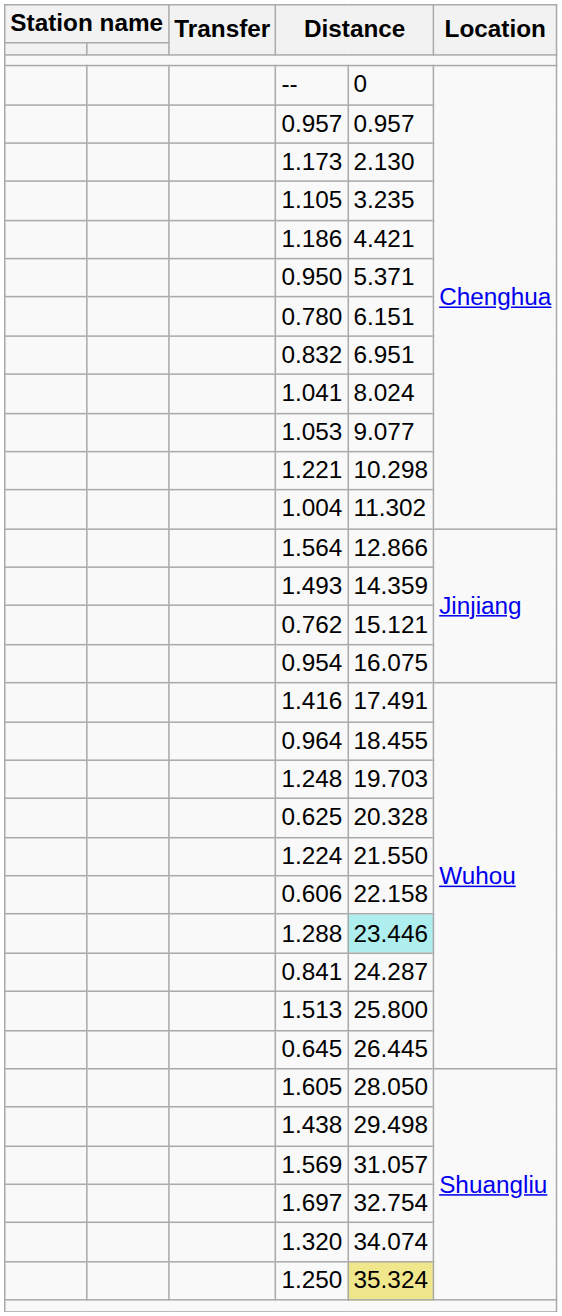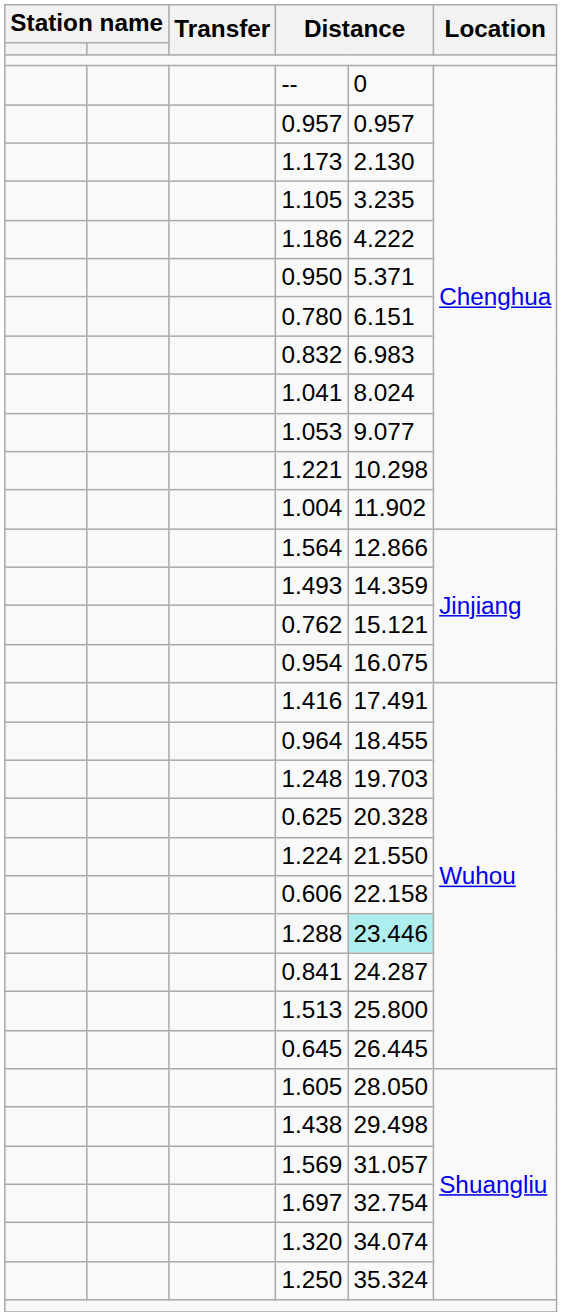 <table class="wikitable">
 <tr>
 <th colspan=2>Station name</th>
 <th rowspan=2>Transfer</th>
 <th colspan="2" rowspan="2">Distance<br></th>
 <th rowspan=2>Location</th>
 </tr>
 <tr>
 <th></th>
 <th></th>
 </tr>
 <tr style="background:#">
 <td colspan = "6"></td>
 </tr>
 <tr>
 <td></td>
 <td></td>
 <td></td>
 <td>--</td>
 <td>0</td>
 <td rowspan="12"><a href='#'>Chenghua</a></td>
 </tr>
 <tr>
 <td></td>
 <td></td>
 <td></td>
 <td>0.957</td>
 <td>0.957</td>
 </tr>
 <tr>
 <td></td>
 <td></td>
 <td></td>
 <td>1.173</td>
 <td>2.130</td>
 </tr>
 <tr>
 <td></td>
 <td></td>
 <td></td>
 <td>1.105</td>
 <td>3.235</td>
 </tr>
 <tr>
 <td></td>
 <td></td>
 <td></td>
 <td>1.186</td>
-<td>4.421</td>
+<td>4.222</td>
 </tr>
 <tr>
 <td></td>
 <td></td>
 <td></td>
 <td>0.950</td>
 <td>5.371</td>
 </tr>
 <tr>
 <td></td>
 <td></td>
 <td></td>
 <td>0.780</td>
 <td>6.151</td>
 </tr>
 <tr>
 <td></td>
 <td></td>
 <td></td>
 <td>0.832</td>
-<td>6.951</td>
+<td>6.983</td>
 </tr>
 <tr>
 <td></td>
 <td></td>
 <td></td>
 <td>1.041</td>
 <td>8.024</td>
 </tr>
 <tr>
 <td></td>
 <td></td>
 <td></td>
 <td>1.053</td>
 <td>9.077</td>
 </tr>
 <tr>
 <td></td>
 <td></td>
 <td></td>
 <td>1.221</td>
 <td>10.298</td>
 </tr>
 <tr>
 <td></td>
 <td></td>
 <td></td>
 <td>1.004</td>
-<td>11.302</td>
+<td>11.902</td>
 </tr>
 <tr>
 <td></td>
 <td></td>
 <td></td>
 <td>1.564</td>
 <td>12.866</td>
 <td rowspan="4"><a href='#'>Jinjiang</a></td>
 </tr>
 <tr>
 <td></td>
 <td></td>
 <td></td>
 <td>1.493</td>
 <td>14.359</td>
 </tr>
 <tr>
 <td></td>
 <td></td>
 <td></td>
 <td>0.762</td>
 <td>15.121</td>
 </tr>
 <tr>
 <td></td>
 <td></td>
 <td></td>
 <td>0.954</td>
 <td>16.075</td>
 </tr>
 <tr>
 <td></td>
 <td></td>
 <td></td>
 <td>1.416</td>
 <td>17.491</td>
 <td rowspan="10"><a href='#'>Wuhou</a></td>
 </tr>
 <tr>
 <td></td>
 <td></td>
 <td></td>
 <td>0.964</td>
 <td>18.455</td>
 </tr>
 <tr>
 <td></td>
 <td></td>
 <td></td>
 <td>1.248</td>
 <td>19.703</td>
 </tr>
 <tr>
 <td></td>
 <td></td>
 <td></td>
 <td>0.625</td>
 <td>20.328</td>
 </tr>
 <tr>
 <td></td>
 <td></td>
 <td></td>
 <td>1.224</td>
 <td>21.550</td>
 </tr>
 <tr>
 <td></td>
 <td></td>
 <td></td>
 <td>0.606</td>
 <td>22.158</td>
 </tr>
 <tr>
 <td></td>
 <td></td>
 <td></td>
 <td>1.288</td>
 <td style="background: paleturquoise;">23.446</td>
 </tr>
 <tr>
 <td></td>
 <td></td>
 <td></td>
 <td>0.841</td>
 <td>24.287</td>
 </tr>
 <tr>
 <td></td>
 <td></td>
 <td></td>
 <td>1.513</td>
 <td>25.800</td>
 </tr>
 <tr>
 <td></td>
 <td></td>
 <td></td>
 <td>0.645</td>
 <td>26.445</td>
 </tr>
 <tr>
 <td></td>
 <td></td>
 <td></td>
 <td>1.605</td>
 <td>28.050</td>
 <td rowspan="6"><a href='#'>Shuangliu</a></td>
 </tr>
 <tr>
 <td></td>
 <td></td>
 <td></td>
 <td>1.438</td>
 <td>29.498</td>
 </tr>
 <tr>
 <td></td>
 <td></td>
 <td></td>
 <td>1.569</td>
 <td>31.057</td>
 </tr>
 <tr>
 <td></td>
 <td></td>
 <td></td>
 <td>1.697</td>
 <td>32.754</td>
 </tr>
 <tr>
 <td></td>
 <td></td>
 <td></td>
 <td>1.320</td>
 <td>34.074</td>
 </tr>
 <tr>
 <td></td>
 <td></td>
 <td></td>
 <td>1.250</td>
-<td style="background: khaki;">35.324</td>
+<td>35.324</td>
 </tr>
 <tr style="background:#">
 <td colspan = "6"></td>
 </tr>
 </table>
